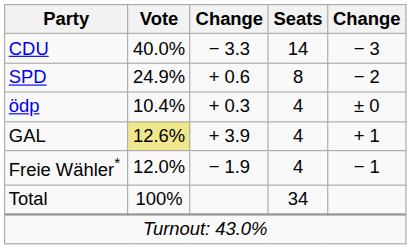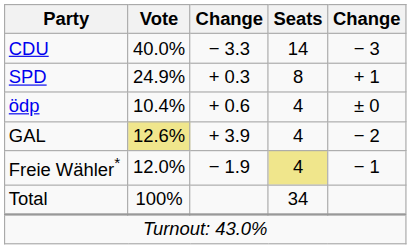 <table class="wikitable" width=350>
 <tr>
 <th>Party</th>
 <th>Vote</th>
 <th>Change</th>
 <th>Seats</th>
 <th>Change</th>
 </tr>
 <tr align=center>
 <td align=left><a href='#'>CDU</a></td>
 <td>40.0%</td>
 <td>− 3.3</td>
 <td>14</td>
 <td>− 3</td>
 </tr>
 <tr align=center>
 <td align=left><a href='#'>SPD</a></td>
 <td>24.9%</td>
-<td>+ 0.6</td>
+<td>+ 0.3</td>
 <td>8</td>
-<td>− 2</td>
+<td>+ 1</td>
 </tr>
 <tr align=center>
 <td align=left><a href='#'>ödp</a></td>
 <td>10.4%</td>
-<td>+ 0.3</td>
+<td>+ 0.6</td>
 <td>4</td>
 <td>± 0</td>
 </tr>
 <tr align=center>
 <td align=left>GAL</td>
 <td style="background: khaki;">12.6%</td>
 <td>+ 3.9</td>
 <td>4</td>
-<td>+ 1</td>
+<td>− 2</td>
 </tr>
 <tr align=center>
 <td align=left>Freie Wähler<sup>*</sup></td>
 <td>12.0%</td>
 <td>− 1.9</td>
-<td>4</td>
+<td style="background: khaki;">4</td>
 <td>− 1</td>
 </tr>
 <tr align=center style="border-bottom:2px solid #999;">
 <td align=left>Total</td>
 <td>100%</td>
 <td></td>
 <td>34</td>
 <td></td>
 </tr>
 <tr>
 <td colspan=5 align=center><em>Turnout: 43.0%</em></td>
 </tr>
 </table>
